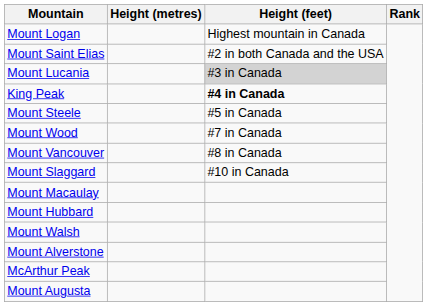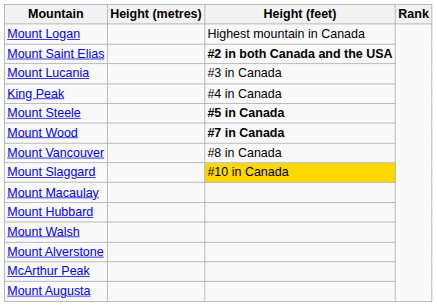 <table class="wikitable">
 <tr>
 <th>Mountain</th>
 <th>Height (metres)</th>
 <th>Height (feet)</th>
 <th>Rank</th>
 </tr>
 <tr>
 <td><a href='#'>Mount Logan</a></td>
 <td></td>
 <td>Highest mountain in Canada</td>
 </tr>
 <tr>
 <td><a href='#'>Mount Saint Elias</a></td>
 <td></td>
-<td>#2 in both Canada and the USA</td>
+<td><strong>#2 in both Canada and the USA</strong></td>
 </tr>
 <tr>
 <td><a href='#'>Mount Lucania</a></td>
 <td></td>
-<td style="background: lightgrey;">#3 in Canada</td>
+<td>#3 in Canada</td>
 </tr>
 <tr>
 <td><a href='#'>King Peak</a></td>
 <td></td>
-<td><strong>#4 in Canada</strong></td>
+<td>#4 in Canada</td>
 </tr>
 <tr>
 <td><a href='#'>Mount Steele</a></td>
 <td></td>
-<td>#5 in Canada</td>
+<td><strong>#5 in Canada</strong></td>
 </tr>
 <tr>
 <td><a href='#'>Mount Wood</a></td>
 <td></td>
-<td>#7 in Canada</td>
+<td><strong>#7 in Canada</strong></td>
 </tr>
 <tr>
 <td><a href='#'>Mount Vancouver</a></td>
 <td></td>
 <td>#8 in Canada</td>
 </tr>
 <tr>
 <td><a href='#'>Mount Slaggard</a></td>
 <td></td>
-<td>#10 in Canada</td>
+<td style="background: gold;">#10 in Canada</td>
 </tr>
 <tr>
 <td><a href='#'>Mount Macaulay</a></td>
 <td></td>
 <td></td>
 </tr>
 <tr>
 <td><a href='#'>Mount Hubbard</a></td>
 <td></td>
 <td></td>
 </tr>
 <tr>
 <td><a href='#'>Mount Walsh</a></td>
 <td></td>
 <td></td>
 </tr>
 <tr>
 <td><a href='#'>Mount Alverstone</a></td>
 <td></td>
 <td></td>
 </tr>
 <tr>
 <td><a href='#'>McArthur Peak</a></td>
 <td></td>
 <td></td>
 </tr>
 <tr>
 <td><a href='#'>Mount Augusta</a></td>
 <td></td>
 <td></td>
 </tr>
 </table>
